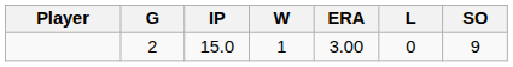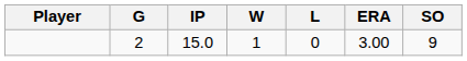 <table class="wikitable sortable">
 <tr>
 <th bgcolor="#DDDDFF" width="16%">Player</th>
 <th bgcolor="#DDDDFF" width="9%">G</th>
 <th bgcolor="#DDDDFF" width="9%">IP</th>
 <th bgcolor="#DDDDFF" width="9%">W</th>
+<th bgcolor="#DDDDFF" width="9%">L</th>
 <th bgcolor="#DDDDFF" width="9%">ERA</th>
-<th bgcolor="#DDDDFF" width="9%">L</th>
 <th bgcolor="#DDDDFF" width="9%">SO</th>
 </tr>
 <tr align="center">
 <td></td>
 <td>2</td>
 <td>15.0</td>
 <td>1</td>
+<td>0</td>
 <td>3.00</td>
-<td>0</td>
 <td>9</td>
 </tr>
 </table>
